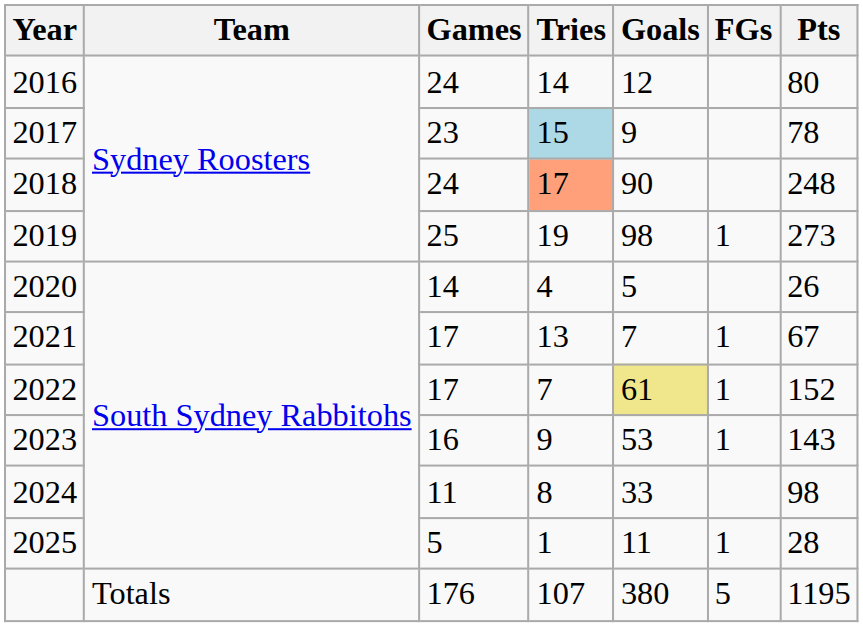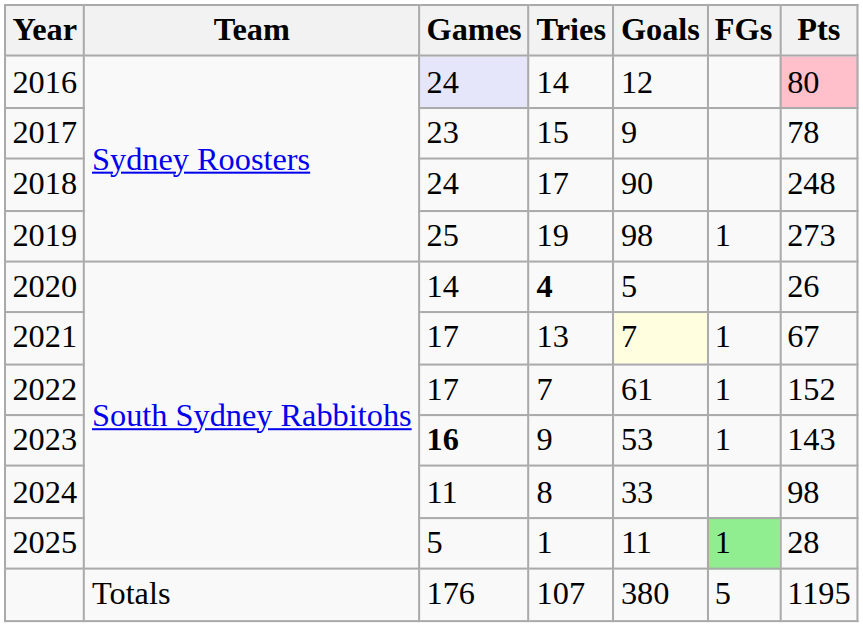 <table class="wikitable">
 <tr>
 <th>Year</th>
 <th>Team</th>
 <th>Games</th>
 <th>Tries</th>
 <th>Goals</th>
 <th>FGs</th>
 <th>Pts</th>
 </tr>
 <tr>
 <td>2016</td>
 <td rowspan="4"> <a href='#'>Sydney Roosters</a></td>
-<td>24</td>
+<td style="background: lavender;">24</td>
 <td>14</td>
 <td>12</td>
 <td></td>
-<td>80</td>
+<td style="background: pink;">80</td>
 </tr>
 <tr>
 <td>2017</td>
 <td>23</td>
-<td style="background: lightblue;">15</td>
+<td>15</td>
 <td>9</td>
 <td></td>
 <td>78</td>
 </tr>
 <tr>
 <td>2018</td>
 <td>24</td>
-<td style="background: lightsalmon;">17</td>
+<td>17</td>
 <td>90</td>
 <td></td>
 <td>248</td>
 </tr>
 <tr>
 <td>2019</td>
 <td>25</td>
 <td>19</td>
 <td>98</td>
 <td>1</td>
 <td>273</td>
 </tr>
 <tr>
 <td>2020</td>
 <td rowspan="6"> <a href='#'>South Sydney Rabbitohs</a></td>
 <td>14</td>
-<td>4</td>
+<td><strong>4</strong></td>
 <td>5</td>
 <td></td>
 <td>26</td>
 </tr>
 <tr>
 <td>2021</td>
 <td>17</td>
 <td>13</td>
-<td>7</td>
+<td style="background: lightyellow;">7</td>
 <td>1</td>
 <td>67</td>
 </tr>
 <tr>
 <td>2022</td>
 <td>17</td>
 <td>7</td>
-<td style="background: khaki;">61</td>
+<td>61</td>
 <td>1</td>
 <td>152</td>
 </tr>
 <tr>
 <td>2023</td>
-<td>16</td>
+<td><strong>16</strong></td>
 <td>9</td>
 <td>53</td>
 <td>1</td>
 <td>143</td>
 </tr>
 <tr>
 <td>2024</td>
 <td>11</td>
 <td>8</td>
 <td>33</td>
 <td></td>
 <td>98</td>
 </tr>
 <tr>
 <td>2025</td>
 <td>5</td>
 <td>1</td>
 <td>11</td>
-<td>1</td>
+<td style="background: lightgreen;">1</td>
 <td>28</td>
 </tr>
 <tr>
 <td></td>
 <td>Totals</td>
 <td>176</td>
 <td>107</td>
 <td>380</td>
 <td>5</td>
 <td>1195</td>
 </tr>
 </table>
